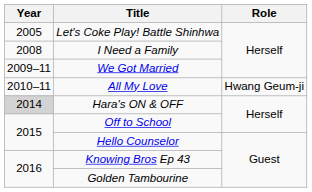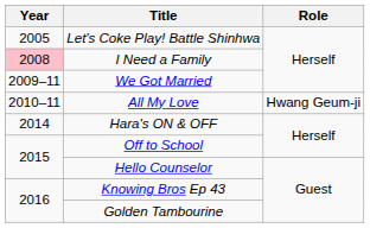 <table class="wikitable" style="text-align:center;">
 <tr>
 <th>Year</th>
 <th>Title</th>
 <th>Role</th>
 </tr>
 <tr>
 <td>2005</td>
 <td><em>Let's Coke Play! Battle Shinhwa</em></td>
 <td rowspan="3">Herself</td>
 </tr>
 <tr>
-<td>2008</td>
+<td style="background: pink;">2008</td>
 <td><em>I Need a Family</em></td>
 </tr>
 <tr>
 <td>2009–11</td>
 <td><em><a href='#'>We Got Married</a></em></td>
 </tr>
 <tr>
 <td>2010–11</td>
 <td><em><a href='#'>All My Love</a></em></td>
 <td>Hwang Geum-ji</td>
 </tr>
 <tr>
-<td style="background: lightgrey;">2014</td>
+<td>2014</td>
 <td><em>Hara's ON & OFF</em></td>
 <td rowspan="2">Herself</td>
 </tr>
 <tr>
 <td rowspan=2>2015</td>
 <td><em><a href='#'>Off to School</a></em></td>
 </tr>
 <tr>
 <td><em><a href='#'>Hello Counselor</a></em></td>
 <td rowspan="3">Guest</td>
 </tr>
 <tr>
 <td rowspan=2>2016</td>
 <td><em><a href='#'>Knowing Bros</a> Ep 43</em></td>
 </tr>
 <tr>
 <td><em>Golden Tambourine</em></td>
 </tr>
 </table>
